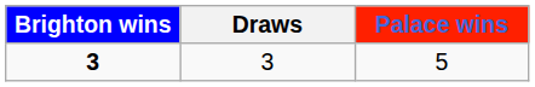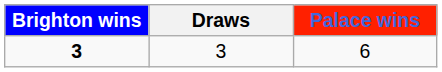 <table class="wikitable" style="font-size:90%;text-align:center;">
 <tr>
 <th width=100; style="background:#0000FF; color:#FFFFFF;">Brighton wins</th>
 <th width=100>Draws</th>
 <th width=100; style="background:#FF2000; color:#4267DC;">Palace wins</th>
 </tr>
 <tr>
 <td><strong>3</strong></td>
 <td>3</td>
-<td>5</td>
+<td>6</td>
 </tr>
 </table>
